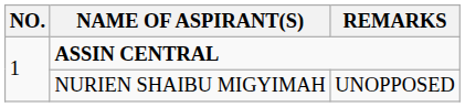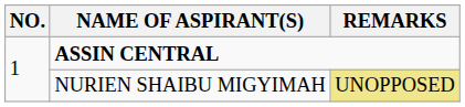 <table class="wikitable">
 <tr>
 <th>NO.</th>
 <th>NAME OF ASPIRANT(S)</th>
 <th>REMARKS</th>
 </tr>
 <tr>
 <td rowspan="2">1</td>
 <td colspan="2"><strong>ASSIN CENTRAL</strong></td>
 </tr>
 <tr>
 <td>NURIEN SHAIBU MIGYIMAH</td>
-<td>UNOPPOSED</td>
+<td style="background: khaki;">UNOPPOSED</td>
 </tr>
 </table>
